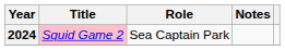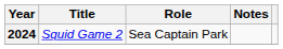 <table class="wikitable sortable plainrowheaders">
 <tr>
 <th scope="col">Year</th>
 <th scope="col">Title</th>
 <th scope="col">Role</th>
 <th scope="col">Notes</th>
 <th scope="col" class="unsortable"></th>
 </tr>
 <tr>
 <th scope="row">2024</th>
-<td style="background: pink;"><em><a href='#'>Squid Game 2</a></em></td>
+<td><em><a href='#'>Squid Game 2</a></em></td>
 <td>Sea Captain Park</td>
 <td></td>
 <td></td>
 </tr>
 <tr>
 </tr>
 </table>
